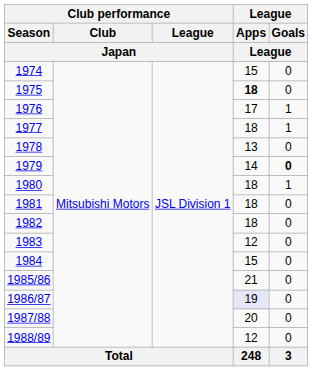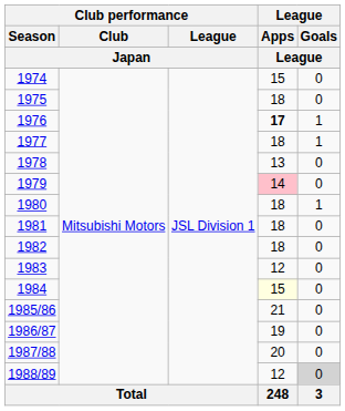 <table class="wikitable" style="text-align:center;">
 <tr>
 <th colspan=3>Club performance</th>
 <th colspan=2>League</th>
 </tr>
 <tr>
 <th>Season</th>
 <th>Club</th>
 <th>League</th>
 <th>Apps</th>
 <th>Goals</th>
 </tr>
 <tr>
 <th colspan=3>Japan</th>
 <th colspan=2>League</th>
 </tr>
 <tr>
 <td><a href='#'>1974</a></td>
 <td rowspan="15"><a href='#'>Mitsubishi Motors</a></td>
 <td rowspan="15"><a href='#'>JSL Division 1</a></td>
 <td>15</td>
 <td>0</td>
 </tr>
 <tr>
 <td><a href='#'>1975</a></td>
-<td><strong>18</strong></td>
+<td>18</td>
 <td>0</td>
 </tr>
 <tr>
 <td><a href='#'>1976</a></td>
-<td>17</td>
+<td><strong>17</strong></td>
 <td>1</td>
 </tr>
 <tr>
 <td><a href='#'>1977</a></td>
 <td>18</td>
 <td>1</td>
 </tr>
 <tr>
 <td><a href='#'>1978</a></td>
 <td>13</td>
 <td>0</td>
 </tr>
 <tr>
 <td><a href='#'>1979</a></td>
-<td>14</td>
-<td><strong>0</strong></td>
+<td style="background: pink;">14</td>
+<td>0</td>
 </tr>
 <tr>
 <td><a href='#'>1980</a></td>
 <td>18</td>
 <td>1</td>
 </tr>
 <tr>
 <td><a href='#'>1981</a></td>
 <td>18</td>
 <td>0</td>
 </tr>
 <tr>
 <td><a href='#'>1982</a></td>
 <td>18</td>
 <td>0</td>
 </tr>
 <tr>
 <td><a href='#'>1983</a></td>
 <td>12</td>
 <td>0</td>
 </tr>
 <tr>
 <td><a href='#'>1984</a></td>
-<td>15</td>
+<td style="background: lightyellow;">15</td>
 <td>0</td>
 </tr>
 <tr>
 <td><a href='#'>1985/86</a></td>
 <td>21</td>
 <td>0</td>
 </tr>
 <tr>
 <td><a href='#'>1986/87</a></td>
-<td style="background: lavender;">19</td>
+<td>19</td>
 <td>0</td>
 </tr>
 <tr>
 <td><a href='#'>1987/88</a></td>
 <td>20</td>
 <td>0</td>
 </tr>
 <tr>
 <td><a href='#'>1988/89</a></td>
 <td>12</td>
-<td>0</td>
+<td style="background: lightgrey;">0</td>
 </tr>
 <tr>
 <th colspan=3>Total</th>
 <th>248</th>
 <th>3</th>
 </tr>
 </table>
